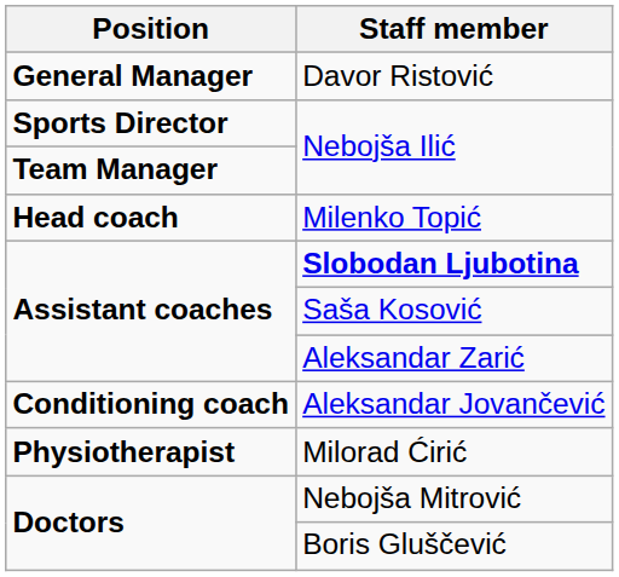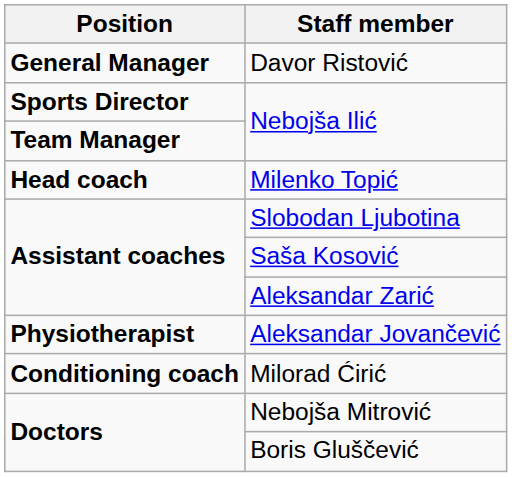 <table class="wikitable">
 <tr>
 <th>Position</th>
 <th>Staff member</th>
 </tr>
 <tr>
 <td><strong>General Manager</strong></td>
 <td> Davor Ristović</td>
 </tr>
 <tr>
 <td><strong>Sports Director</strong></td>
 <td rowspan=2> <a href='#'>Nebojša Ilić</a></td>
 </tr>
 <tr>
 <td><strong>Team Manager</strong></td>
 </tr>
 <tr>
 <td><strong>Head coach</strong></td>
 <td> <a href='#'>Milenko Topić</a></td>
 </tr>
 <tr>
 <td rowspan=3><strong>Assistant coaches</strong></td>
-<td><strong> <a href='#'>Slobodan Ljubotina</a></strong></td>
+<td> <a href='#'>Slobodan Ljubotina</a></td>
 </tr>
 <tr>
 <td>  <a href='#'>Saša Kosović</a></td>
 </tr>
 <tr>
 <td>  <a href='#'>Aleksandar Zarić</a></td>
 </tr>
 <tr>
-<td><strong>Conditioning coach</strong></td>
+<td><strong>Physiotherapist</strong></td>
 <td> <a href='#'>Aleksandar Jovančević</a></td>
 </tr>
 <tr>
-<td><strong>Physiotherapist</strong></td>
+<td><strong>Conditioning coach</strong></td>
 <td> Milorad Ćirić</td>
 </tr>
 <tr>
 <td rowspan=2><strong>Doctors</strong></td>
 <td> Nebojša Mitrović</td>
 </tr>
 <tr>
 <td> Boris Gluščević</td>
 </tr>
 </table>
